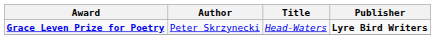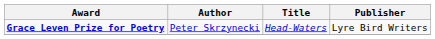 <table class="wikitable" width=95%>
 <tr>
 <th>Award</th>
 <th>Author</th>
 <th>Title</th>
 <th>Publisher</th>
 </tr>
 <tr>
 <td><strong><a href='#'>Grace Leven Prize for Poetry</a></strong></td>
 <td><a href='#'>Peter Skrzynecki</a></td>
 <td><em><a href='#'>Head-Waters</a></em></td>
-<td><strong>Lyre Bird Writers</strong></td>
+<td>Lyre Bird Writers</td>
 </tr>
 <tr>
 </tr>
 </table>
